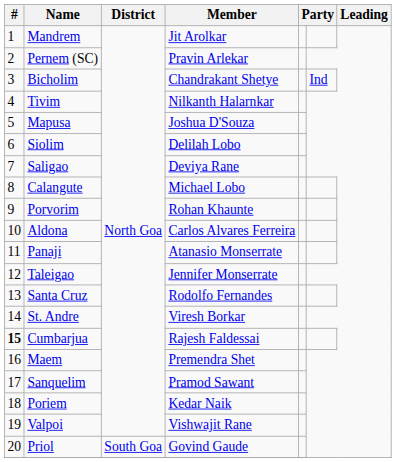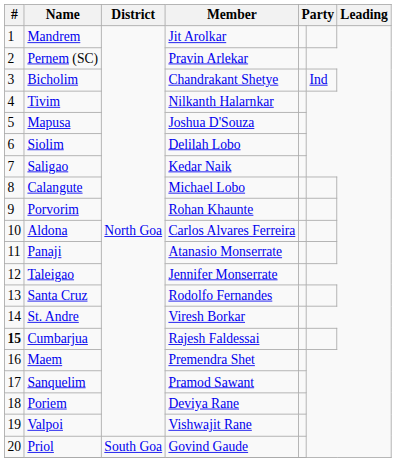 <table class="wikitable">
 <tr>
 <th>#</th>
 <th>Name </th>
 <th>District</th>
 <th>Member</th>
 <th colspan=2>Party</th>
 <th colspan="2">Leading<br></th>
 </tr>
 <tr>
 <td>1</td>
 <td><a href='#'>Mandrem</a></td>
 <td rowspan="19"><a href='#'>North Goa</a></td>
 <td><a href='#'>Jit Arolkar</a></td>
 <td></td>
 <td></td>
 </tr>
 <tr>
 <td>2</td>
 <td><a href='#'>Pernem</a> (SC)</td>
 <td><a href='#'>Pravin Arlekar</a></td>
 <td></td>
 </tr>
 <tr>
 <td>3</td>
 <td><a href='#'>Bicholim</a></td>
 <td><a href='#'>Chandrakant Shetye</a></td>
 <td style="background-color: "></td>
 <td><a href='#'>Ind</a></td>
 </tr>
 <tr>
 <td>4</td>
 <td><a href='#'>Tivim</a></td>
 <td><a href='#'>Nilkanth Halarnkar</a></td>
 <td></td>
 </tr>
 <tr>
 <td>5</td>
 <td><a href='#'>Mapusa</a></td>
 <td><a href='#'>Joshua D'Souza</a></td>
 <td></td>
 </tr>
 <tr>
 <td>6</td>
 <td><a href='#'>Siolim</a></td>
 <td><a href='#'>Delilah Lobo</a></td>
 <td></td>
 </tr>
 <tr>
 <td>7</td>
 <td><a href='#'>Saligao</a></td>
-<td><a href='#'>Deviya Rane</a></td>
+<td><a href='#'>Kedar Naik</a></td>
 <td></td>
 </tr>
 <tr>
 <td>8</td>
 <td><a href='#'>Calangute</a></td>
 <td><a href='#'>Michael Lobo</a></td>
 <td></td>
 <td></td>
 </tr>
 <tr>
 <td>9</td>
 <td><a href='#'>Porvorim</a></td>
 <td><a href='#'>Rohan Khaunte</a></td>
 <td></td>
 <td></td>
 </tr>
 <tr>
 <td>10</td>
 <td><a href='#'>Aldona</a></td>
 <td><a href='#'>Carlos Alvares Ferreira</a></td>
 <td></td>
 <td></td>
 </tr>
 <tr>
 <td>11</td>
 <td><a href='#'>Panaji</a></td>
 <td><a href='#'>Atanasio Monserrate</a></td>
 <td></td>
 <td></td>
 </tr>
 <tr>
 <td>12</td>
 <td><a href='#'>Taleigao</a></td>
 <td><a href='#'>Jennifer Monserrate</a></td>
 <td></td>
 </tr>
 <tr>
 <td>13</td>
 <td><a href='#'>Santa Cruz</a></td>
 <td><a href='#'>Rodolfo Fernandes</a></td>
 <td></td>
 <td></td>
 </tr>
 <tr>
 <td>14</td>
 <td><a href='#'>St. Andre</a></td>
 <td><a href='#'>Viresh Borkar</a></td>
 <td></td>
 </tr>
 <tr>
 <td><strong>15</strong></td>
 <td><a href='#'>Cumbarjua</a></td>
 <td><a href='#'>Rajesh Faldessai</a></td>
 <td></td>
 <td></td>
 </tr>
 <tr>
 <td>16</td>
 <td><a href='#'>Maem</a></td>
 <td><a href='#'>Premendra Shet</a></td>
 <td></td>
 </tr>
 <tr>
 <td>17</td>
 <td><a href='#'>Sanquelim</a></td>
 <td><a href='#'>Pramod Sawant</a></td>
 <td></td>
 </tr>
 <tr>
 <td>18</td>
 <td><a href='#'>Poriem</a></td>
-<td><a href='#'>Kedar Naik</a></td>
+<td><a href='#'>Deviya Rane</a></td>
 <td></td>
 </tr>
 <tr>
 <td>19</td>
 <td><a href='#'>Valpoi</a></td>
 <td><a href='#'>Vishwajit Rane</a></td>
 <td></td>
 </tr>
 <tr>
 <td>20</td>
 <td><a href='#'>Priol</a></td>
 <td><a href='#'>South Goa</a></td>
 <td><a href='#'>Govind Gaude</a></td>
 <td></td>
 </tr>
 <tr>
 </tr>
 </table>
